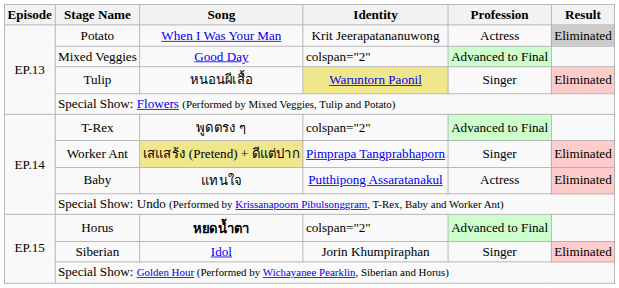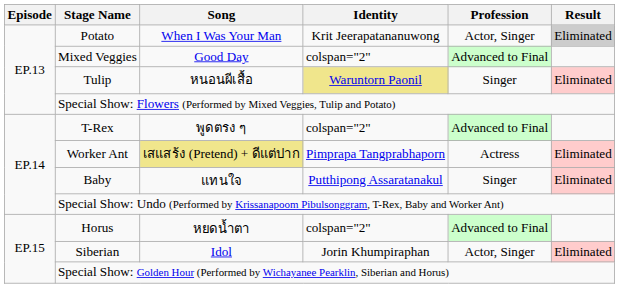 <table class="wikitable">
 <tr>
 <th>Episode</th>
 <th>Stage Name</th>
 <th>Song</th>
 <th>Identity</th>
 <th>Profession</th>
 <th>Result</th>
 </tr>
 <tr>
 <td rowspan="4" align="center">EP.13</td>
 <td style="text-align:center;">Potato</td>
 <td style="text-align:center;"><a href='#'>When I Was Your Man</a></td>
 <td style="text-align:center;">Krit Jeerapatananuwong</td>
-<td style="text-align:center;">Actress</td>
+<td style="text-align:center;">Actor, Singer</td>
 <td style="text-align:center;background:#cccccc;">Eliminated</td>
 </tr>
 <tr>
 <td style="text-align:center;">Mixed Veggies</td>
 <td style="text-align:center;"><a href='#'>Good Day</a></td>
 <td>colspan="2" </td>
 <td style="text-align:center; background:#ccffcc;">Advanced to Final</td>
 </tr>
 <tr>
 <td style="text-align:center;">Tulip</td>
 <td style="text-align:center;">หนอนผีเสื้อ</td>
 <td style="background: khaki; text-align:center;"><a href='#'>Waruntorn Paonil</a></td>
 <td style="text-align:center;">Singer</td>
 <td style="text-align:center;background:#ffcccc;">Eliminated</td>
 </tr>
 <tr>
 <td colspan="5">Special Show: <a href='#'>Flowers</a> <small>(Performed by Mixed Veggies, Tulip and Potato)</small></td>
 </tr>
 <tr>
 <td rowspan="4" align="center">EP.14</td>
 <td style="text-align:center;">T-Rex</td>
 <td style="text-align:center;">พูดตรง ๆ</td>
 <td>colspan="2" </td>
 <td style="text-align:center; background:#ccffcc;">Advanced to Final</td>
 </tr>
 <tr>
 <td style="text-align:center;">Worker Ant</td>
 <td style="background: khaki; text-align:center;">เสแสร้ง (Pretend) + ดีแต่ปาก</td>
 <td style="text-align:center;"><a href='#'>Pimprapa Tangprabhaporn</a></td>
-<td style="text-align:center;">Singer</td>
+<td style="text-align:center;">Actress</td>
 <td style="text-align:center;background:#ffcccc;">Eliminated</td>
 </tr>
 <tr>
 <td style="text-align:center;">Baby</td>
 <td style="text-align:center;">แทนใจ</td>
 <td style="text-align:center;"><a href='#'>Putthipong Assaratanakul</a></td>
-<td style="text-align:center;">Actress</td>
+<td style="text-align:center;">Singer</td>
 <td style="text-align:center;background:#ffcccc;">Eliminated</td>
 </tr>
 <tr>
 <td colspan="5">Special Show: Undo <small>(Performed by <a href='#'>Krissanapoom Pibulsonggram</a>, T-Rex, Baby and Worker Ant)</small></td>
 </tr>
 <tr>
 <td rowspan="4" align="center">EP.15</td>
 <td style="text-align:center;">Horus</td>
-<td style="text-align:center;"><strong>หยดน้ำตา</strong></td>
+<td style="text-align:center;">หยดน้ำตา</td>
 <td>colspan="2" </td>
 <td style="text-align:center; background:#ccffcc;">Advanced to Final</td>
 </tr>
 <tr>
 <td style="text-align:center;">Siberian</td>
 <td style="text-align:center;"><a href='#'>Idol</a></td>
 <td style="text-align:center;">Jorin Khumpiraphan</td>
-<td style="text-align:center;">Singer</td>
+<td style="text-align:center;">Actor, Singer</td>
 <td style="text-align:center;background:#ffcccc;">Eliminated</td>
 </tr>
 <tr>
 <td colspan="5">Special Show: <small> <a href='#'>Golden Hour</a> (Performed by <a href='#'>Wichayanee Pearklin</a>, Siberian and Horus)</small></td>
 </tr>
 </table>
